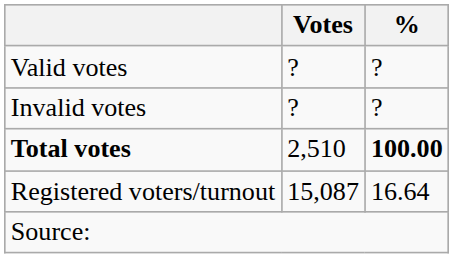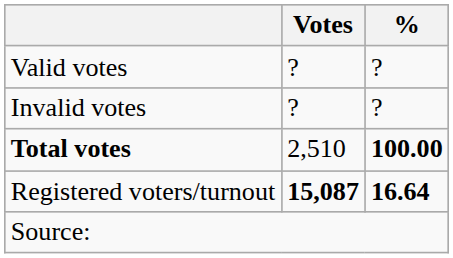 <table class="wikitable">
 <tr>
 <th></th>
 <th>Votes</th>
 <th>%</th>
 </tr>
 <tr>
 <td>Valid votes</td>
 <td>?</td>
 <td>?</td>
 </tr>
 <tr>
 <td>Invalid votes</td>
 <td>?</td>
 <td>?</td>
 </tr>
 <tr>
 <td><strong>Total votes</strong></td>
 <td>2,510</td>
 <td><strong>100.00</strong></td>
 </tr>
 <tr>
 <td>Registered voters/turnout</td>
-<td>15,087</td>
-<td>16.64</td>
+<td><strong>15,087</strong></td>
+<td><strong>16.64</strong></td>
 </tr>
 <tr>
 <td colspan="3">Source:</td>
 </tr>
 </table>
